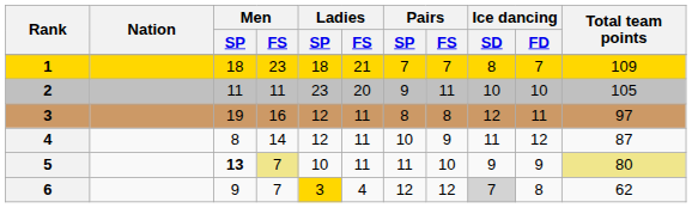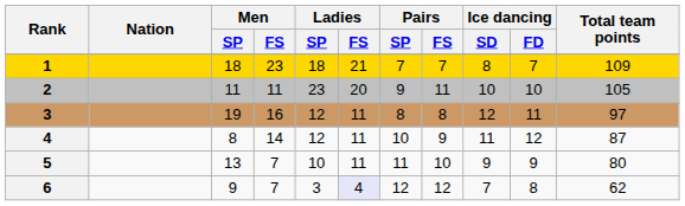 <table class="wikitable">
 <tr>
 <th rowspan="2" width="80px">Rank</th>
 <th rowspan="2" width="120px">Nation</th>
 <th colspan="2" width="80px">Men</th>
 <th colspan="2" width="80px">Ladies</th>
 <th colspan="2" width="80px">Pairs</th>
 <th colspan="2" width="90px">Ice dancing</th>
 <th rowspan="2" width="120px">Total team points</th>
 </tr>
 <tr>
 <th><a href='#'>SP</a></th>
 <th><a href='#'>FS</a></th>
 <th><a href='#'>SP</a></th>
 <th><a href='#'>FS</a></th>
 <th><a href='#'>SP</a></th>
 <th><a href='#'>FS</a></th>
 <th><a href='#'>SD</a></th>
 <th><a href='#'>FD</a></th>
 </tr>
 <tr>
 </tr>
 <tr bgcolor="gold">
 <td align="center"><strong>1</strong></td>
 <td></td>
 <td align="center">18</td>
 <td align="center">23</td>
 <td align="center">18</td>
 <td align="center">21</td>
 <td align="center">7</td>
 <td align="center">7</td>
 <td align="center">8</td>
 <td align="center">7</td>
 <td align="center">109</td>
 </tr>
 <tr bgcolor="silver">
 <td align="center"><strong>2</strong></td>
 <td></td>
 <td align="center">11</td>
 <td align="center">11</td>
 <td align="center">23</td>
 <td align="center">20</td>
 <td align="center">9</td>
 <td align="center">11</td>
 <td align="center">10</td>
 <td align="center">10</td>
 <td align="center">105</td>
 </tr>
 <tr bgcolor="cc9966">
 <td align="center"><strong>3</strong></td>
 <td></td>
 <td align="center">19</td>
 <td align="center">16</td>
 <td align="center">12</td>
 <td align="center">11</td>
 <td align="center">8</td>
 <td align="center">8</td>
 <td align="center">12</td>
 <td align="center">11</td>
 <td align="center">97</td>
 </tr>
 <tr>
 <th>4</th>
 <td></td>
 <td align="center">8</td>
 <td align="center">14</td>
 <td align="center">12</td>
 <td align="center">11</td>
 <td align="center">10</td>
 <td align="center">9</td>
 <td align="center">11</td>
 <td align="center">12</td>
 <td align="center">87</td>
 </tr>
 <tr>
 <th>5</th>
 <td></td>
-<td align="center"><strong>13</strong></td>
-<td align="center" style="background: khaki;">7</td>
+<td align="center">13</td>
+<td align="center">7</td>
 <td align="center">10</td>
 <td align="center">11</td>
 <td align="center">11</td>
 <td align="center">10</td>
 <td align="center">9</td>
 <td align="center">9</td>
-<td align="center" style="background: khaki;">80</td>
+<td align="center">80</td>
 </tr>
 <tr>
 <th>6</th>
 <td></td>
 <td align="center">9</td>
 <td align="center">7</td>
-<td align="center" style="background: gold;">3</td>
-<td align="center">4</td>
+<td align="center">3</td>
+<td align="center" style="background: lavender;">4</td>
 <td align="center">12</td>
 <td align="center">12</td>
-<td align="center" style="background: lightgrey;">7</td>
+<td align="center">7</td>
 <td align="center">8</td>
 <td align="center">62</td>
 </tr>
 </table>
